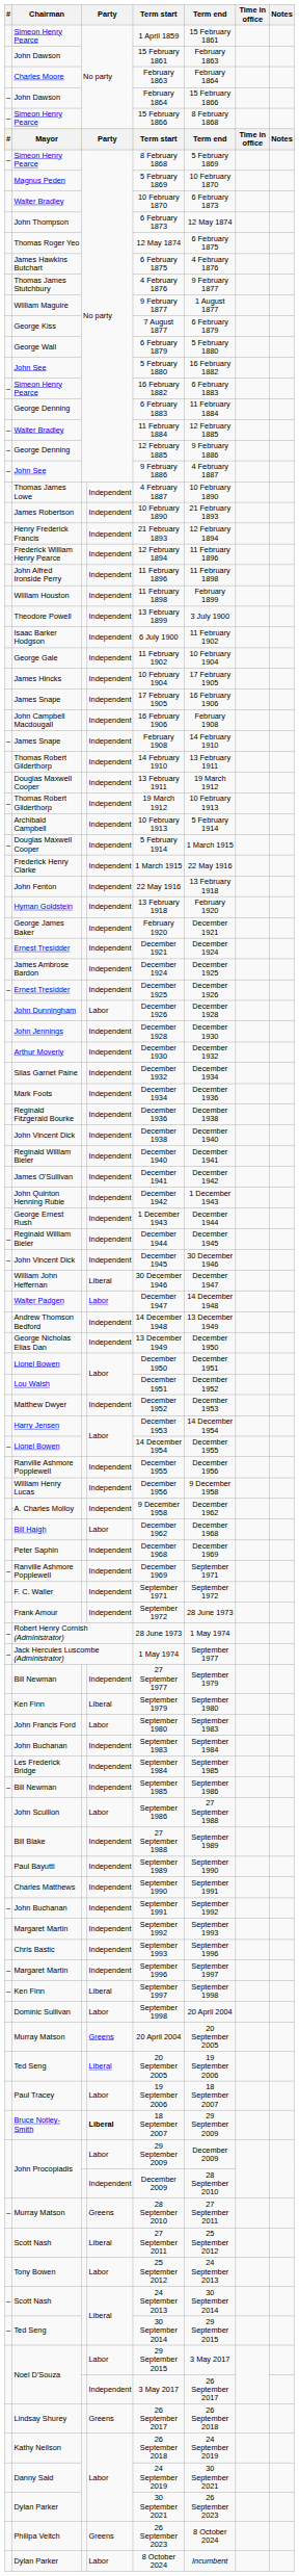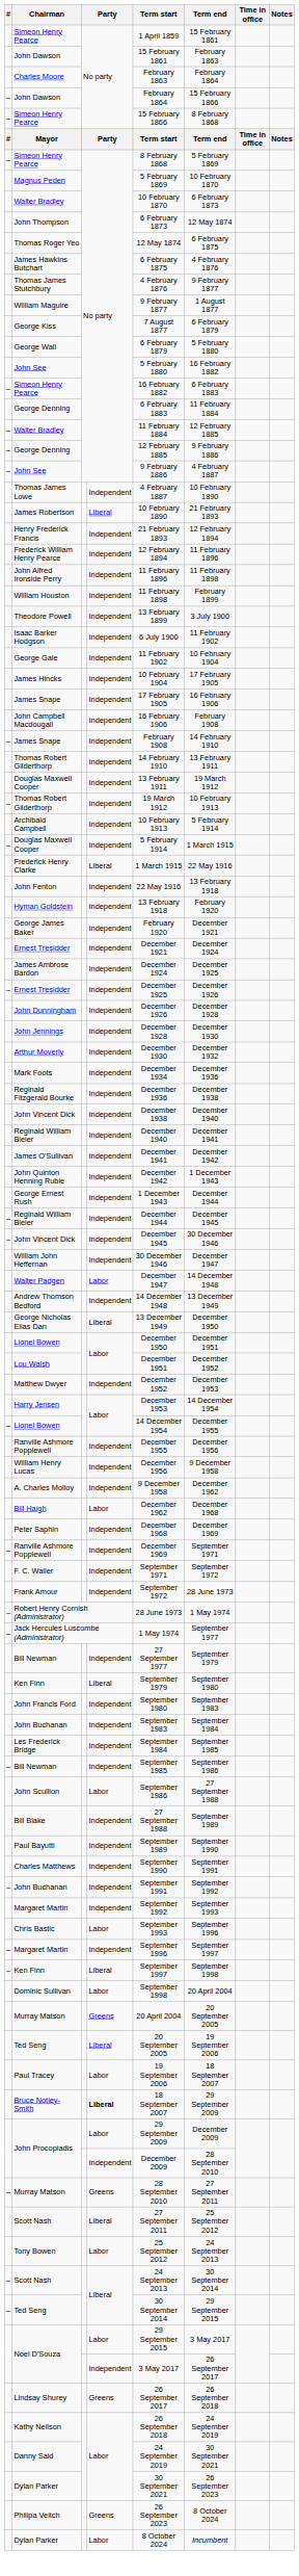 <table class="wikitable sortable">
 <tr>
 <th>#</th>
 <th>Chairman</th>
 <th colspan=2>Party</th>
 <th>Term start</th>
 <th>Term end</th>
 <th>Time in office</th>
 <th>Notes</th>
 </tr>
 <tr>
 <td align=center></td>
 <td><a href='#'>Simeon Henry Pearce</a></td>
 <td colspan=2 rowspan=5>No party</td>
 <td align=center>1 April 1859</td>
 <td align=center>15 February 1861</td>
 <td align=right></td>
 <td></td>
 </tr>
 <tr>
 <td align=center></td>
 <td>John Dawson</td>
 <td align=center>15 February 1861</td>
 <td align=center>February 1863</td>
 <td align=right></td>
 <td></td>
 </tr>
 <tr>
 <td align=center></td>
 <td><a href='#'>Charles Moore</a></td>
 <td align=center>February 1863</td>
 <td align=center>February 1864</td>
 <td align=right></td>
 <td></td>
 </tr>
 <tr>
 <td align=center>–</td>
 <td>John Dawson</td>
 <td align=center>February 1864</td>
 <td align=center>15 February 1866</td>
 <td align=right></td>
 <td></td>
 </tr>
 <tr>
 <td align=center>–</td>
 <td><a href='#'>Simeon Henry Pearce</a></td>
 <td align=center>15 February 1866</td>
 <td align=center>8 February 1868</td>
 <td align=right></td>
 <td></td>
 </tr>
 <tr bgcolor="#FFCC33">
 <th>#</th>
 <th>Mayor</th>
 <th colspan=2>Party</th>
 <th>Term start</th>
 <th>Term end</th>
 <th>Time in office</th>
 <th>Notes</th>
 </tr>
 <tr>
 <td align=center>–</td>
 <td><a href='#'>Simeon Henry Pearce</a></td>
 <td colspan=2 rowspan=16>No party</td>
 <td align=center>8 February 1868</td>
 <td align=center>5 February 1869</td>
 <td align=right></td>
 <td></td>
 </tr>
 <tr>
 <td align=center></td>
 <td><a href='#'>Magnus Peden</a></td>
 <td align=center>5 February 1869</td>
 <td align=center>10 February 1870</td>
 <td align=right></td>
 <td></td>
 </tr>
 <tr>
 <td align=center></td>
 <td><a href='#'>Walter Bradley</a></td>
 <td align=center>10 February 1870</td>
 <td align=center>6 February 1873</td>
 <td align=right></td>
 <td></td>
 </tr>
 <tr>
 <td align=center></td>
 <td>John Thompson</td>
 <td align=center>6 February 1873</td>
 <td align=center>12 May 1874</td>
 <td align=right></td>
 <td></td>
 </tr>
 <tr>
 <td align=center></td>
 <td>Thomas Roger Yeo</td>
 <td align=center>12 May 1874</td>
 <td align=center>6 February 1875</td>
 <td align=right></td>
 <td></td>
 </tr>
 <tr>
 <td align=center></td>
 <td>James Hawkins Butchart</td>
 <td align=center>6 February 1875</td>
 <td align=center>4 February 1876</td>
 <td align=right></td>
 <td></td>
 </tr>
 <tr>
 <td align=center></td>
 <td>Thomas James Stutchbury</td>
 <td align=center>4 February 1876</td>
 <td align=center>9 February 1877</td>
 <td align=right></td>
 <td></td>
 </tr>
 <tr>
 <td align=center></td>
 <td>William Maguire</td>
 <td align=center>9 February 1877</td>
 <td align=center>1 August 1877</td>
 <td align=right></td>
 <td></td>
 </tr>
 <tr>
 <td align=center></td>
 <td>George Kiss</td>
 <td align=center>7 August 1877</td>
 <td align=center>6 February 1879</td>
 <td align=right></td>
 <td></td>
 </tr>
 <tr>
 <td align=center></td>
 <td>George Wall</td>
 <td align=center>6 February 1879</td>
 <td align=center>5 February 1880</td>
 <td align=right></td>
 <td></td>
 </tr>
 <tr>
 <td align=center></td>
 <td><a href='#'>John See</a></td>
 <td align=center>5 February 1880</td>
 <td align=center>16 February 1882</td>
 <td align=right></td>
 <td></td>
 </tr>
 <tr>
 <td align=center>–</td>
 <td><a href='#'>Simeon Henry Pearce</a></td>
 <td align=center>16 February 1882</td>
 <td align=center>6 February 1883</td>
 <td align=right></td>
 <td></td>
 </tr>
 <tr>
 <td align=center></td>
 <td>George Denning</td>
 <td align=center>6 February 1883</td>
 <td align=center>11 February 1884</td>
 <td align=right></td>
 <td></td>
 </tr>
 <tr>
 <td align=center>–</td>
 <td><a href='#'>Walter Bradley</a></td>
 <td align=center>11 February 1884</td>
 <td align=center>12 February 1885</td>
 <td align=right></td>
 <td></td>
 </tr>
 <tr>
 <td align=center>–</td>
 <td>George Denning</td>
 <td align=center>12 February 1885</td>
 <td align=center>9 February 1886</td>
 <td align=right></td>
 <td></td>
 </tr>
 <tr>
 <td align=center>–</td>
 <td><a href='#'>John See</a></td>
 <td align=center>9 February 1886</td>
 <td align=center>4 February 1887</td>
 <td align=right></td>
 <td></td>
 </tr>
 <tr>
 <td align=center></td>
 <td>Thomas James Lowe</td>
 <td> </td>
 <td>Independent</td>
 <td align=center>4 February 1887</td>
 <td align=center>10 February 1890</td>
 <td align=right></td>
 <td></td>
 </tr>
 <tr>
 <td align=center></td>
 <td>James Robertson</td>
 <td> </td>
-<td>Independent</td>
+<td><a href='#'>Liberal</a></td>
 <td align=center>10 February 1890</td>
 <td align=center>21 February 1893</td>
 <td align=right></td>
 <td></td>
 </tr>
 <tr>
 <td align=center></td>
 <td>Henry Frederick Francis</td>
 <td> </td>
 <td>Independent</td>
 <td align=center>21 February 1893</td>
 <td align=center>12 February 1894</td>
 <td align=right></td>
 <td></td>
 </tr>
 <tr>
 <td align=center></td>
 <td>Frederick William Henry Pearce</td>
 <td> </td>
 <td>Independent</td>
 <td align=center>12 February 1894</td>
 <td align=center>11 February 1896</td>
 <td align=right></td>
 <td></td>
 </tr>
 <tr>
 <td align=center></td>
 <td>John Alfred Ironside Perry</td>
 <td> </td>
 <td>Independent</td>
 <td align=center>11 February 1896</td>
 <td align=center>11 February 1898</td>
 <td align=right></td>
 <td></td>
 </tr>
 <tr>
 <td align=center></td>
 <td>William Houston</td>
 <td> </td>
 <td>Independent</td>
 <td align=center>11 February 1898</td>
 <td align=center>February 1899</td>
 <td align=right></td>
 <td></td>
 </tr>
 <tr>
 <td align=center></td>
 <td>Theodore Powell</td>
 <td> </td>
 <td>Independent</td>
 <td align=center>13 February 1899</td>
 <td align=center>3 July 1900</td>
 <td align=right></td>
 <td></td>
 </tr>
 <tr>
 <td align=center></td>
 <td>Isaac Barker Hodgson</td>
 <td> </td>
 <td>Independent</td>
 <td align=center>6 July 1900</td>
 <td align=center>11 February 1902</td>
 <td align=right></td>
 <td></td>
 </tr>
 <tr>
 <td align=center></td>
 <td>George Gale</td>
 <td> </td>
 <td>Independent</td>
 <td align=center>11 February 1902</td>
 <td align=center>10 February 1904</td>
 <td align=right></td>
 <td></td>
 </tr>
 <tr>
 <td align=center></td>
 <td>James Hincks</td>
 <td> </td>
 <td>Independent</td>
 <td align=center>10 February 1904</td>
 <td align=center>17 February 1905</td>
 <td align=right></td>
 <td></td>
 </tr>
 <tr>
 <td align=center></td>
 <td>James Snape</td>
 <td> </td>
 <td>Independent</td>
 <td align=center>17 February 1905</td>
 <td align=center>16 February 1906</td>
 <td align=right></td>
 <td></td>
 </tr>
 <tr>
 <td align=center></td>
 <td>John Campbell Macdougall</td>
 <td> </td>
 <td>Independent</td>
 <td align=center>16 February 1906</td>
 <td align=center>February 1908</td>
 <td align=right></td>
 <td></td>
 </tr>
 <tr>
 <td align=center>–</td>
 <td>James Snape</td>
 <td> </td>
 <td>Independent</td>
 <td align=center>February 1908</td>
 <td align=center>14 February 1910</td>
 <td align=right></td>
 <td></td>
 </tr>
 <tr>
 <td align=center></td>
 <td>Thomas Robert Gilderthorp</td>
 <td> </td>
 <td>Independent</td>
 <td align=center>14 February 1910</td>
 <td align=center>13 February 1911</td>
 <td align=right></td>
 <td></td>
 </tr>
 <tr>
 <td align=center></td>
 <td>Douglas Maxwell Cooper</td>
 <td> </td>
 <td>Independent</td>
 <td align=center>13 February 1911</td>
 <td align=center>19 March 1912</td>
 <td align=right></td>
 <td></td>
 </tr>
 <tr>
 <td align=center>–</td>
 <td>Thomas Robert Gilderthorp</td>
 <td> </td>
 <td>Independent</td>
 <td align=center>19 March 1912</td>
 <td align=center>10 February 1913</td>
 <td align=right></td>
 <td></td>
 </tr>
 <tr>
 <td align=center></td>
 <td>Archibald Campbell</td>
 <td> </td>
 <td>Independent</td>
 <td align=center>10 February 1913</td>
 <td align=center>5 February 1914</td>
 <td align=right></td>
 <td></td>
 </tr>
 <tr>
 <td align=center>–</td>
 <td>Douglas Maxwell Cooper</td>
 <td> </td>
 <td>Independent</td>
 <td align=center>5 February 1914</td>
 <td align=center>1 March 1915</td>
 <td align=right></td>
 <td></td>
 </tr>
 <tr>
 <td align=center></td>
 <td>Frederick Henry Clarke</td>
 <td> </td>
-<td>Independent</td>
+<td>Liberal</td>
 <td align=center>1 March 1915</td>
 <td align=center>22 May 1916</td>
 <td align=right></td>
 <td></td>
 </tr>
 <tr>
 <td align=center></td>
 <td>John Fenton</td>
 <td> </td>
 <td>Independent</td>
 <td align=center>22 May 1916</td>
 <td align=center>13 February 1918</td>
 <td align=right></td>
 <td></td>
 </tr>
 <tr>
 <td align=center></td>
 <td><a href='#'>Hyman Goldstein</a></td>
 <td> </td>
 <td>Independent</td>
 <td align=center>13 February 1918</td>
 <td align=center>February 1920</td>
 <td align=right></td>
 <td></td>
 </tr>
 <tr>
 <td align=center></td>
 <td>George James Baker</td>
 <td> </td>
 <td>Independent</td>
 <td align=center>February 1920</td>
 <td align=center>December 1921</td>
 <td align=right></td>
 <td></td>
 </tr>
 <tr>
 <td align=center></td>
 <td><a href='#'>Ernest Tresidder</a></td>
 <td> </td>
 <td>Independent</td>
 <td align=center>December 1921</td>
 <td align=center>December 1924</td>
 <td align=right></td>
 <td></td>
 </tr>
 <tr>
 <td align=center></td>
 <td>James Ambrose Bardon</td>
 <td> </td>
 <td>Independent</td>
 <td align=center>December 1924</td>
 <td align=center>December 1925</td>
 <td align=right></td>
 <td></td>
 </tr>
 <tr>
 <td align=center>–</td>
 <td><a href='#'>Ernest Tresidder</a></td>
 <td> </td>
 <td>Independent</td>
 <td align=center>December 1925</td>
 <td align=center>December 1926</td>
 <td align=right></td>
 <td></td>
 </tr>
 <tr>
 <td align=center></td>
 <td><a href='#'>John Dunningham</a></td>
 <td> </td>
-<td>Labor</td>
+<td>Independent</td>
 <td align=center>December 1926</td>
 <td align=center>December 1928</td>
 <td align=right></td>
 <td></td>
 </tr>
 <tr>
 <td align=center></td>
 <td><a href='#'>John Jennings</a></td>
 <td> </td>
 <td>Independent</td>
 <td align=center>December 1928</td>
 <td align=center>December 1930</td>
 <td align=right></td>
 <td></td>
 </tr>
 <tr>
 <td align=center></td>
 <td><a href='#'>Arthur Moverly</a></td>
 <td> </td>
 <td>Independent</td>
 <td align=center>December 1930</td>
 <td align=center>December 1932</td>
-<td align=right></td>
-<td></td>
-</tr>
-<tr>
-<td align=center></td>
-<td>Silas Garnet Paine</td>
-<td> </td>
-<td>Independent</td>
-<td align=center>December 1932</td>
-<td align=center>December 1934</td>
 <td align=right></td>
 <td></td>
 </tr>
 <tr>
 <td align=center></td>
 <td>Mark Foots</td>
 <td> </td>
 <td>Independent</td>
 <td align=center>December 1934</td>
 <td align=center>December 1936</td>
 <td align=right></td>
 <td></td>
 </tr>
 <tr>
 <td align=center></td>
 <td>Reginald Fitzgerald Bourke</td>
 <td> </td>
 <td>Independent</td>
 <td align=center>December 1936</td>
 <td align=center>December 1938</td>
 <td align=right></td>
 <td></td>
 </tr>
 <tr>
 <td align=center></td>
 <td>John Vincent Dick</td>
 <td> </td>
 <td>Independent</td>
 <td align=center>December 1938</td>
 <td align=center>December 1940</td>
 <td align=right></td>
 <td></td>
 </tr>
 <tr>
 <td align=center></td>
 <td>Reginald William Bieler</td>
 <td> </td>
 <td>Independent</td>
 <td align=center>December 1940</td>
 <td align=center>December 1941</td>
 <td align=right></td>
 <td></td>
 </tr>
 <tr>
 <td align=center></td>
 <td>James O'Sullivan</td>
 <td> </td>
 <td>Independent</td>
 <td align=center>December 1941</td>
 <td align=center>December 1942</td>
 <td align=right></td>
 <td></td>
 </tr>
 <tr>
 <td align=center></td>
 <td>John Quinton Henning Rubie</td>
 <td> </td>
 <td>Independent</td>
 <td align=center>December 1942</td>
 <td align=center>1 December 1943</td>
 <td align=right></td>
 <td></td>
 </tr>
 <tr>
 <td align=center></td>
 <td>George Ernest Rush</td>
 <td> </td>
 <td>Independent</td>
 <td align=center>1 December 1943</td>
 <td align=center>December 1944</td>
 <td align=right></td>
 <td></td>
 </tr>
 <tr>
 <td align=center>–</td>
 <td>Reginald William Bieler</td>
 <td> </td>
 <td>Independent</td>
 <td align=center>December 1944</td>
 <td align=center>December 1945</td>
 <td align=right></td>
 <td></td>
 </tr>
 <tr>
 <td align=center>–</td>
 <td>John Vincent Dick</td>
 <td> </td>
 <td>Independent</td>
 <td align=center>December 1945</td>
 <td align=center>30 December 1946</td>
 <td align=right></td>
 <td></td>
 </tr>
 <tr>
 <td align=center></td>
 <td>William John Heffernan</td>
 <td> </td>
-<td>Liberal</td>
+<td>Independent</td>
 <td align=center>30 December 1946</td>
 <td align=center>December 1947</td>
 <td align=right></td>
 <td></td>
 </tr>
 <tr>
 <td align=center></td>
 <td><a href='#'>Walter Padgen</a></td>
 <td> </td>
 <td><a href='#'>Labor</a></td>
 <td align=center>December 1947</td>
 <td align=center>14 December 1948</td>
 <td align=right></td>
 <td></td>
 </tr>
 <tr>
 <td align=center></td>
 <td>Andrew Thomson Bedford</td>
 <td> </td>
 <td>Independent</td>
 <td align=center>14 December 1948</td>
 <td align=center>13 December 1949</td>
 <td align=right></td>
 <td></td>
 </tr>
 <tr>
 <td align=center></td>
 <td>George Nicholas Elias Dan</td>
 <td> </td>
-<td>Independent</td>
+<td>Liberal</td>
 <td align=center>13 December 1949</td>
 <td align=center>December 1950</td>
 <td align=right></td>
 <td></td>
 </tr>
 <tr>
 <td align=center></td>
 <td><a href='#'>Lionel Bowen</a></td>
 <td rowspan=2 > </td>
 <td rowspan=2>Labor</td>
 <td align=center>December 1950</td>
 <td align=center>December 1951</td>
 <td align=right></td>
 <td></td>
 </tr>
 <tr>
 <td align=center></td>
 <td><a href='#'>Lou Walsh</a></td>
 <td align=center>December 1951</td>
 <td align=center>December 1952</td>
 <td align=right></td>
 <td></td>
 </tr>
 <tr>
 <td align=center></td>
 <td>Matthew Dwyer</td>
 <td> </td>
 <td>Independent</td>
 <td align=center>December 1952</td>
 <td align=center>December 1953</td>
 <td align=right></td>
 <td></td>
 </tr>
 <tr>
 <td align=center></td>
 <td><a href='#'>Harry Jensen</a></td>
 <td rowspan=2 > </td>
 <td rowspan=2>Labor</td>
 <td align=center>December 1953</td>
 <td align=center>14 December 1954</td>
 <td align=right></td>
 <td></td>
 </tr>
 <tr>
 <td align=center>–</td>
 <td><a href='#'>Lionel Bowen</a></td>
 <td align=center>14 December 1954</td>
 <td align=center>December 1955</td>
 <td align=right></td>
 <td></td>
 </tr>
 <tr>
 <td align=center></td>
 <td>Ranville Ashmore Popplewell</td>
 <td> </td>
 <td>Independent</td>
 <td align=center>December 1955</td>
 <td align=center>December 1956</td>
 <td align=right></td>
 <td></td>
 </tr>
 <tr>
 <td align=center></td>
 <td>William Henry Lucas</td>
 <td> </td>
 <td>Independent</td>
 <td align=center>December 1956</td>
 <td align=center>9 December 1958</td>
 <td align=right></td>
 <td></td>
 </tr>
 <tr>
 <td align=center></td>
 <td>A. Charles Molloy</td>
 <td> </td>
 <td>Independent</td>
 <td align=center>9 December 1958</td>
 <td align=center>December 1962</td>
 <td align=right></td>
 <td></td>
 </tr>
 <tr>
 <td align=center></td>
 <td><a href='#'>Bill Haigh</a></td>
 <td> </td>
 <td>Labor</td>
 <td align=center>December 1962</td>
 <td align=center>December 1968</td>
 <td align=right></td>
 <td></td>
 </tr>
 <tr>
 <td align=center></td>
 <td>Peter Saphin</td>
 <td> </td>
 <td>Independent</td>
 <td align=center>December 1968</td>
 <td align=center>December 1969</td>
 <td align=right></td>
 <td></td>
 </tr>
 <tr>
 <td align=center>–</td>
 <td>Ranville Ashmore Popplewell</td>
 <td> </td>
 <td>Independent</td>
 <td align=center>December 1969</td>
 <td align=center>September 1971</td>
 <td align=right></td>
 <td></td>
 </tr>
 <tr>
 <td align=center></td>
 <td>F. C. Waller</td>
 <td> </td>
 <td>Independent</td>
 <td align=center>September 1971</td>
 <td align=center>September 1972</td>
 <td align=right></td>
 <td></td>
 </tr>
 <tr>
 <td align=center></td>
 <td>Frank Amour</td>
 <td> </td>
 <td>Independent</td>
 <td align=center>September 1972</td>
 <td align=center>28 June 1973</td>
 <td align=right></td>
 <td></td>
 </tr>
 <tr>
 <td align=center>–</td>
 <td colspan=3>Robert Henry Cornish <em>(Administrator)</em></td>
 <td align=center>28 June 1973</td>
 <td align=center>1 May 1974</td>
 <td align=right></td>
 <td></td>
 </tr>
 <tr>
 <td align=center>–</td>
 <td colspan=3>Jack Hercules Luscombe <em>(Administrator)</em></td>
 <td align=center>1 May 1974</td>
 <td align=center>September 1977</td>
 <td align=right></td>
 <td></td>
 </tr>
 <tr>
 <td align=center></td>
 <td>Bill Newman</td>
 <td> </td>
 <td>Independent</td>
 <td align=center>27 September 1977</td>
 <td align=center>September 1979</td>
 <td align=right></td>
 <td></td>
 </tr>
 <tr>
 <td align=center></td>
 <td>Ken Finn</td>
 <td> </td>
 <td>Liberal</td>
 <td align=center>September 1979</td>
 <td align=center>September 1980</td>
 <td align=right></td>
 <td></td>
 </tr>
 <tr>
 <td align=center></td>
 <td>John Francis Ford</td>
 <td> </td>
-<td>Labor</td>
+<td>Independent</td>
 <td align=center>September 1980</td>
 <td align=center>September 1983</td>
 <td align=right></td>
 <td></td>
 </tr>
 <tr>
 <td align=center></td>
 <td>John Buchanan</td>
 <td> </td>
 <td>Independent</td>
 <td align=center>September 1983</td>
 <td align=center>September 1984</td>
 <td align=right></td>
 <td></td>
 </tr>
 <tr>
 <td align=center></td>
 <td>Les Frederick Bridge</td>
 <td> </td>
 <td>Independent</td>
 <td align=center>September 1984</td>
 <td align=center>September 1985</td>
 <td align=right></td>
 <td></td>
 </tr>
 <tr>
 <td align=center>–</td>
 <td>Bill Newman</td>
 <td> </td>
 <td>Independent</td>
 <td align=center>September 1985</td>
 <td align=center>September 1986</td>
 <td align=right></td>
 <td></td>
 </tr>
 <tr>
 <td align=center></td>
 <td>John Scullion</td>
 <td> </td>
 <td>Labor</td>
 <td align=center>September 1986</td>
 <td align=center>27 September 1988</td>
 <td align=right></td>
 <td></td>
 </tr>
 <tr>
 <td align=center></td>
 <td>Bill Blake</td>
 <td> </td>
 <td>Independent</td>
 <td align=center>27 September 1988</td>
 <td align=center>September 1989</td>
 <td align=right></td>
 <td></td>
 </tr>
 <tr>
 <td align=center></td>
 <td>Paul Bayutti</td>
 <td> </td>
 <td>Independent</td>
 <td align=center>September 1989</td>
 <td align=center>September 1990</td>
 <td align=right></td>
 <td></td>
 </tr>
 <tr>
 <td align=center></td>
 <td>Charles Matthews</td>
 <td> </td>
 <td>Independent</td>
 <td align=center>September 1990</td>
 <td align=center>September 1991</td>
 <td align=right></td>
 <td></td>
 </tr>
 <tr>
 <td align=center>–</td>
 <td>John Buchanan</td>
 <td> </td>
 <td>Independent</td>
 <td align=center>September 1991</td>
 <td align=center>September 1992</td>
 <td align=right></td>
 <td></td>
 </tr>
 <tr>
 <td align=center></td>
 <td>Margaret Martin</td>
 <td> </td>
 <td>Independent</td>
 <td align=center>September 1992</td>
 <td align=center>September 1993</td>
 <td align=right></td>
 <td></td>
 </tr>
 <tr>
 <td align=center></td>
 <td>Chris Bastic</td>
 <td> </td>
-<td>Independent</td>
+<td>Labor</td>
 <td align=center>September 1993</td>
 <td align=center>September 1996</td>
 <td align=right></td>
 <td></td>
 </tr>
 <tr>
 <td align=center>–</td>
 <td>Margaret Martin</td>
 <td> </td>
 <td>Independent</td>
 <td align=center>September 1996</td>
 <td align=center>September 1997</td>
 <td align=right></td>
 <td></td>
 </tr>
 <tr>
 <td align=center>–</td>
 <td>Ken Finn</td>
 <td> </td>
 <td>Liberal</td>
 <td align=center>September 1997</td>
 <td align=center>September 1998</td>
 <td align=right></td>
 <td></td>
 </tr>
 <tr>
 <td align=center></td>
 <td>Dominic Sullivan</td>
 <td> </td>
 <td>Labor</td>
 <td align=center>September 1998</td>
 <td align=center>20 April 2004</td>
 <td align=right></td>
 <td></td>
 </tr>
 <tr>
 <td align=center></td>
 <td>Murray Matson</td>
 <td> </td>
 <td><a href='#'>Greens</a></td>
 <td align=center>20 April 2004</td>
 <td align=center>20 September 2005</td>
 <td align=right></td>
 <td></td>
 </tr>
 <tr>
 <td align=center></td>
 <td>Ted Seng</td>
 <td> </td>
 <td><a href='#'>Liberal</a></td>
 <td align=center>20 September 2005</td>
 <td align=center>19 September 2006</td>
 <td align=right></td>
 <td></td>
 </tr>
 <tr>
 <td align=center></td>
 <td>Paul Tracey</td>
 <td> </td>
 <td>Labor</td>
 <td align=center>19 September 2006</td>
 <td align=center>18 September 2007</td>
 <td align=right></td>
 <td></td>
 </tr>
 <tr>
 <td align=center></td>
 <td><a href='#'>Bruce Notley-Smith</a></td>
 <td> </td>
 <td><strong>Liberal</strong></td>
 <td align=center>18 September 2007</td>
 <td align=center>29 September 2009</td>
 <td align=right></td>
 <td></td>
 </tr>
 <tr>
 <td rowspan=2 align=center></td>
 <td rowspan=2>John Procopiadis</td>
 <td> </td>
 <td>Labor</td>
 <td align=center>29 September 2009</td>
 <td align=center>December 2009</td>
 <td rowspan=2 align=right></td>
 <td rowspan=2></td>
 </tr>
 <tr>
 <td> </td>
 <td>Independent</td>
 <td align=center>December 2009</td>
 <td align=center>28 September 2010</td>
 </tr>
 <tr>
 <td align=center>–</td>
 <td>Murray Matson</td>
 <td> </td>
 <td>Greens</td>
 <td align=center>28 September 2010</td>
 <td align=center>27 September 2011</td>
 <td align=right></td>
 <td></td>
 </tr>
 <tr>
 <td align=center></td>
 <td>Scott Nash</td>
 <td> </td>
 <td>Liberal</td>
 <td align=center>27 September 2011</td>
 <td align=center>25 September 2012</td>
 <td align=right></td>
 <td></td>
 </tr>
 <tr>
 <td align=center></td>
 <td>Tony Bowen</td>
 <td> </td>
 <td>Labor</td>
 <td align=center>25 September 2012</td>
 <td align=center>24 September 2013</td>
 <td align=right></td>
 <td></td>
 </tr>
 <tr>
 <td align=center>–</td>
 <td>Scott Nash</td>
 <td rowspan=2 > </td>
 <td rowspan=2>Liberal</td>
 <td align=center>24 September 2013</td>
 <td align=center>30 September 2014</td>
 <td align=right></td>
 <td></td>
 </tr>
 <tr>
 <td align=center>–</td>
 <td>Ted Seng</td>
 <td align=center>30 September 2014</td>
 <td align=center>29 September 2015</td>
 <td align=right></td>
 <td></td>
 </tr>
 <tr>
 <td rowspan=2 align=center></td>
 <td rowspan=2>Noel D'Souza</td>
 <td> </td>
 <td>Labor</td>
 <td align=center>29 September 2015</td>
 <td align=center>3 May 2017</td>
 <td rowspan=2 align=right></td>
 <td></td>
 </tr>
 <tr>
 <td> </td>
 <td>Independent</td>
 <td align=center>3 May 2017</td>
 <td align=center>26 September 2017</td>
 <td></td>
 </tr>
 <tr>
 <td align=center></td>
 <td>Lindsay Shurey</td>
 <td> </td>
 <td>Greens</td>
 <td align=center>26 September 2017</td>
 <td align=center>26 September 2018</td>
 <td align=right></td>
 <td></td>
 </tr>
 <tr>
 <td align=center></td>
 <td>Kathy Neilson</td>
 <td rowspan=3 > </td>
 <td rowspan=3>Labor</td>
 <td align=center>26 September 2018</td>
 <td align=center>24 September 2019</td>
 <td align="right"></td>
 <td></td>
 </tr>
 <tr>
 <td align=center></td>
 <td>Danny Said</td>
 <td align=center>24 September 2019</td>
 <td align=center>30 September 2021</td>
 <td align="right"></td>
 <td></td>
 </tr>
 <tr>
 <td align=center></td>
 <td>Dylan Parker</td>
 <td align=center>30 September 2021</td>
 <td align=center>26 September 2023</td>
 <td align="right"></td>
 <td></td>
 </tr>
 <tr>
 <td align=center></td>
 <td>Philipa Veitch</td>
 <td> </td>
 <td>Greens</td>
 <td align=center>26 September 2023</td>
 <td align=center>8 October 2024</td>
 <td align="right"></td>
 <td></td>
 </tr>
 <tr>
 <td align=center></td>
 <td>Dylan Parker</td>
 <td> </td>
 <td>Labor</td>
 <td align=center>8 October 2024</td>
 <td align=center><em>Incumbent</em></td>
 <td align="right"></td>
 <td></td>
 </tr>
 </table>
